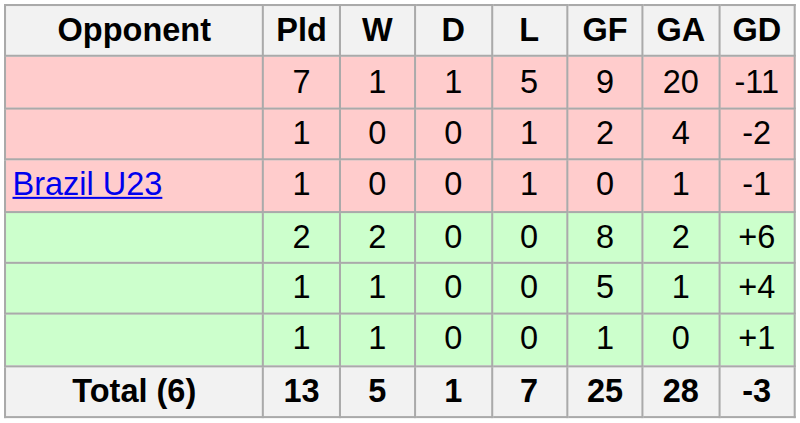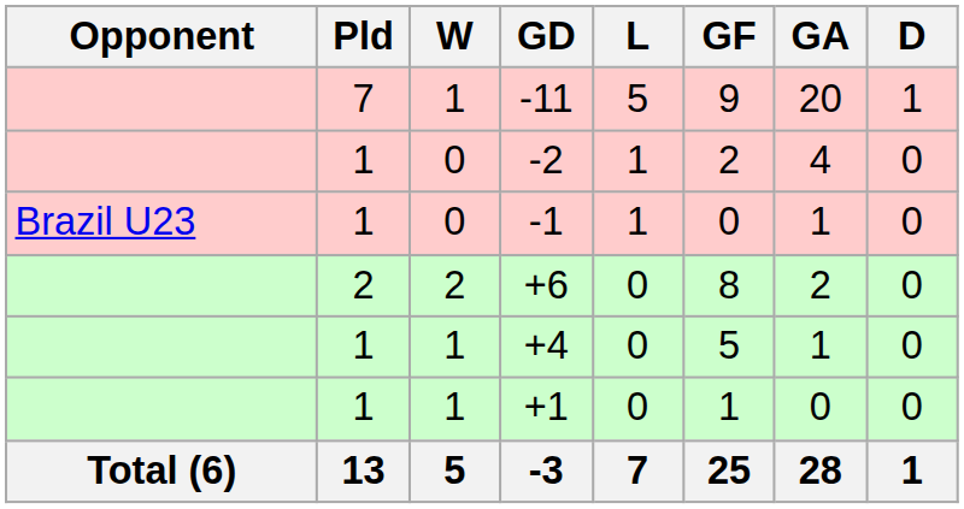 <table class="wikitable sortable" style="text-align: center">
 <tr>
 <th width=120>Opponent<br></th>
 <th width=30>Pld<br></th>
 <th width=30>W<br></th>
-<th width=30>D<br></th>
+<th width=30>GD<br></th>
 <th width=30>L<br></th>
 <th width=30>GF<br></th>
 <th width=30>GA<br></th>
-<th width=30>GD<br></th>
+<th width=30>D<br></th>
 </tr>
 <tr style="background-color:#FFCCCC">
 <td style="text-align:left;"></td>
 <td>7</td>
 <td>1</td>
-<td>1</td>
+<td>-11</td>
 <td>5</td>
 <td>9</td>
 <td>20</td>
-<td>-11</td>
+<td>1</td>
 </tr>
 <tr style="background-color:#FFCCCC">
 <td style="text-align:left;"></td>
 <td>1</td>
 <td>0</td>
-<td>0</td>
+<td>-2</td>
 <td>1</td>
 <td>2</td>
 <td>4</td>
-<td>-2</td>
+<td>0</td>
 </tr>
 <tr style="background-color:#FFCCCC">
 <td style="text-align:left;"> <a href='#'>Brazil U23</a></td>
 <td>1</td>
 <td>0</td>
+<td>-1</td>
+<td>1</td>
 <td>0</td>
 <td>1</td>
 <td>0</td>
-<td>1</td>
-<td>-1</td>
 </tr>
 <tr style="background-color:#CCFFCC">
 <td style="text-align:left;"></td>
 <td>2</td>
 <td>2</td>
-<td>0</td>
+<td>+6</td>
 <td>0</td>
 <td>8</td>
 <td>2</td>
-<td>+6</td>
+<td>0</td>
 </tr>
 <tr style="background-color:#CCFFCC">
 <td style="text-align:left;"></td>
 <td>1</td>
 <td>1</td>
-<td>0</td>
+<td>+4</td>
 <td>0</td>
 <td>5</td>
 <td>1</td>
-<td>+4</td>
+<td>0</td>
 </tr>
 <tr style="background-color:#CCFFCC">
 <td style="text-align:left;"></td>
 <td>1</td>
 <td>1</td>
-<td>0</td>
+<td>+1</td>
 <td>0</td>
 <td>1</td>
 <td>0</td>
-<td>+1</td>
+<td>0</td>
 </tr>
 <tr>
 <th>Total (6)</th>
 <th>13</th>
 <th>5</th>
-<th>1</th>
+<th>-3</th>
 <th>7</th>
 <th>25</th>
 <th>28</th>
-<th>-3</th>
+<th>1</th>
 </tr>
 </table>
